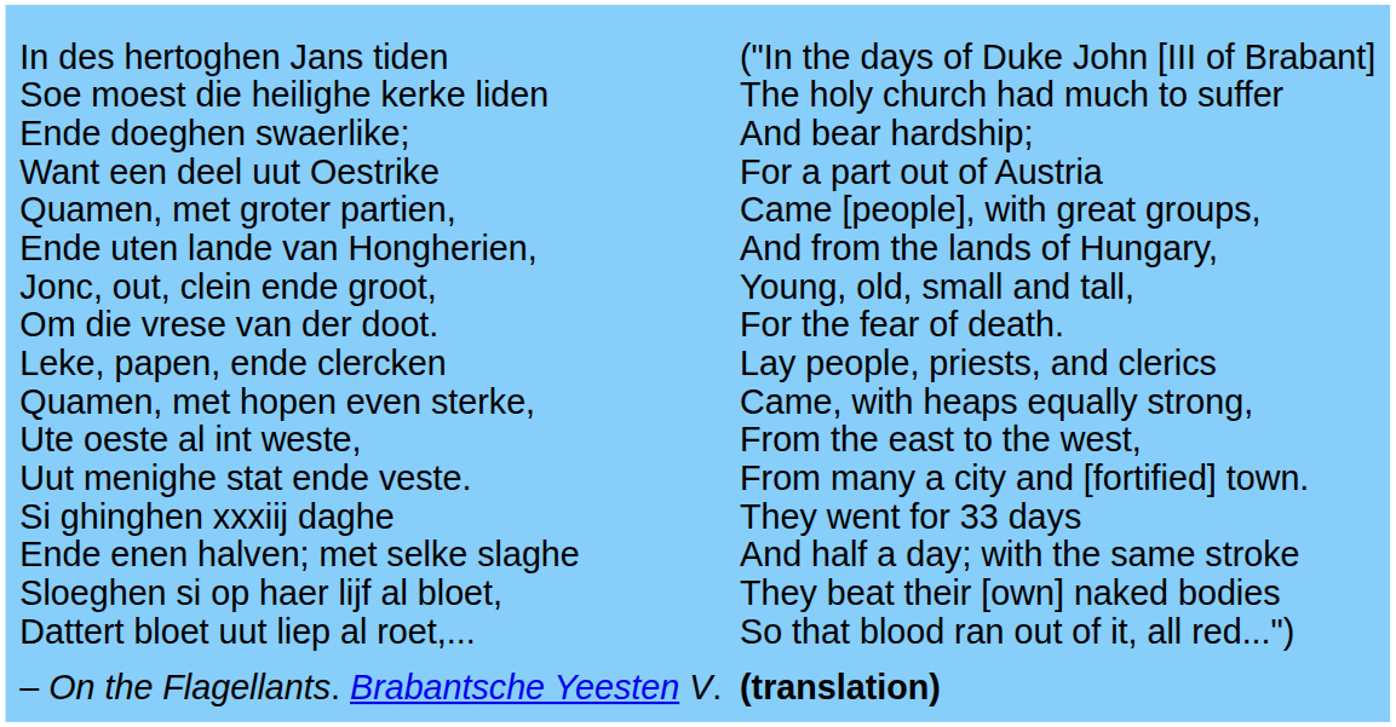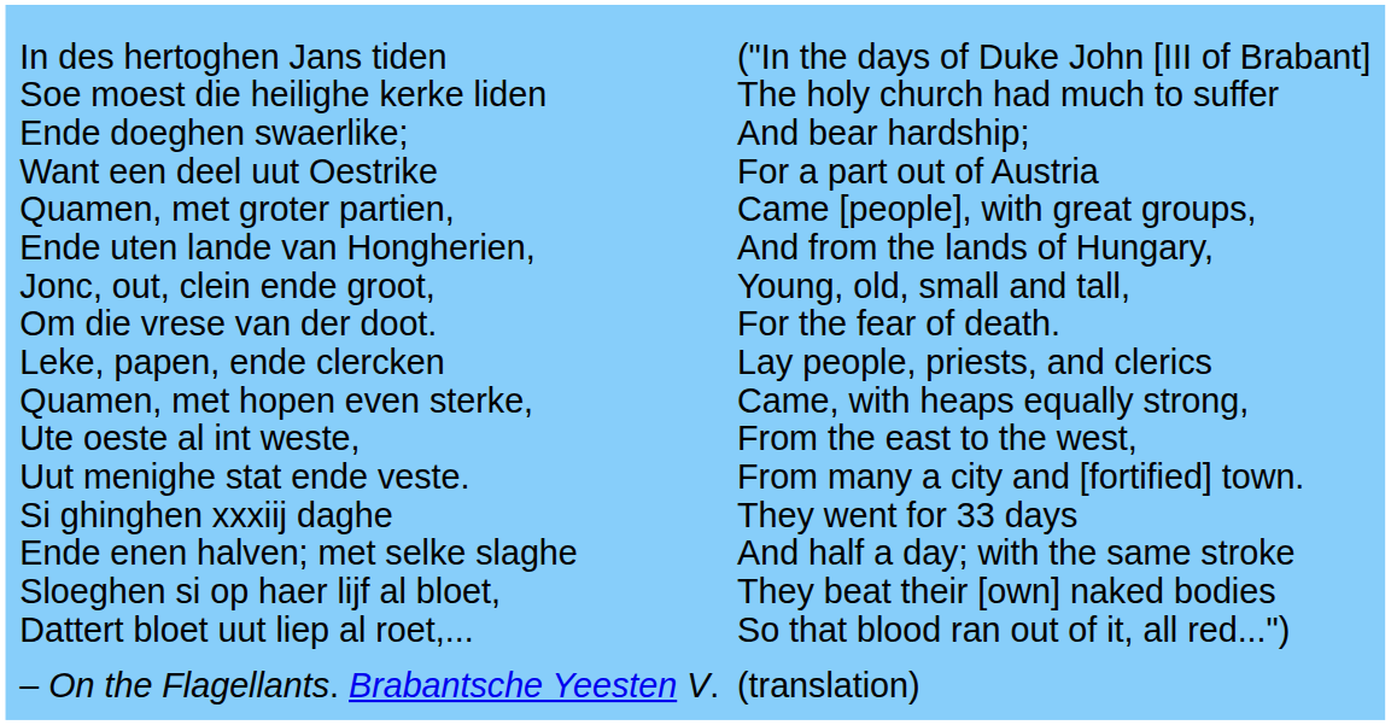 <table class="toccolours" style="float: left; margin-left: 1em; margin-right: 2em; font-size: 85%; background:#87CEFA; color:black; width:25;" cellspacing="5">
 <tr>
 <td style="text-align: left;"></td>
 </tr>
 <tr>
 <td style="text-align: left;">In des hertoghen Jans tiden<br>Soe moest die heilighe kerke liden<br>Ende doeghen swaerlike;<br>Want een deel uut Oestrike<br>Quamen, met groter partien,<br>Ende uten lande van Hongherien,<br>Jonc, out, clein ende groot,<br>Om die vrese van der doot.<br>Leke, papen, ende clercken<br>Quamen, met hopen even sterke,<br>Ute oeste al int weste,<br>Uut menighe stat ende veste.<br>Si ghinghen xxxiij daghe<br>Ende enen halven; met selke slaghe<br>Sloeghen si op haer lijf al bloet,<br>Dattert bloet uut liep al roet,...</td>
 <td style="text-align: left;">("In the days of Duke John [III of Brabant]<br>The holy church had much to suffer<br>And bear hardship;<br>For a part out of Austria<br>Came [people], with great groups,<br>And from the lands of Hungary,<br>Young, old, small and tall,<br>For the fear of death.<br>Lay people, priests, and clerics<br>Came, with heaps equally strong,<br>From the east to the west,<br>From many a city and [fortified] town.<br>They went for 33 days<br>And half a day; with the same stroke<br>They beat their [own] naked bodies<br>So that blood ran out of it, all red...")<br></td>
 </tr>
 <tr>
 <td style="text-align: left;">– <em>On the Flagellants</em>. <em><a href='#'>Brabantsche Yeesten</a> V</em>.</td>
-<td style="text-align: left;"><strong>(translation)</strong></td>
+<td style="text-align: left;">(translation)</td>
 </tr>
 </table>
